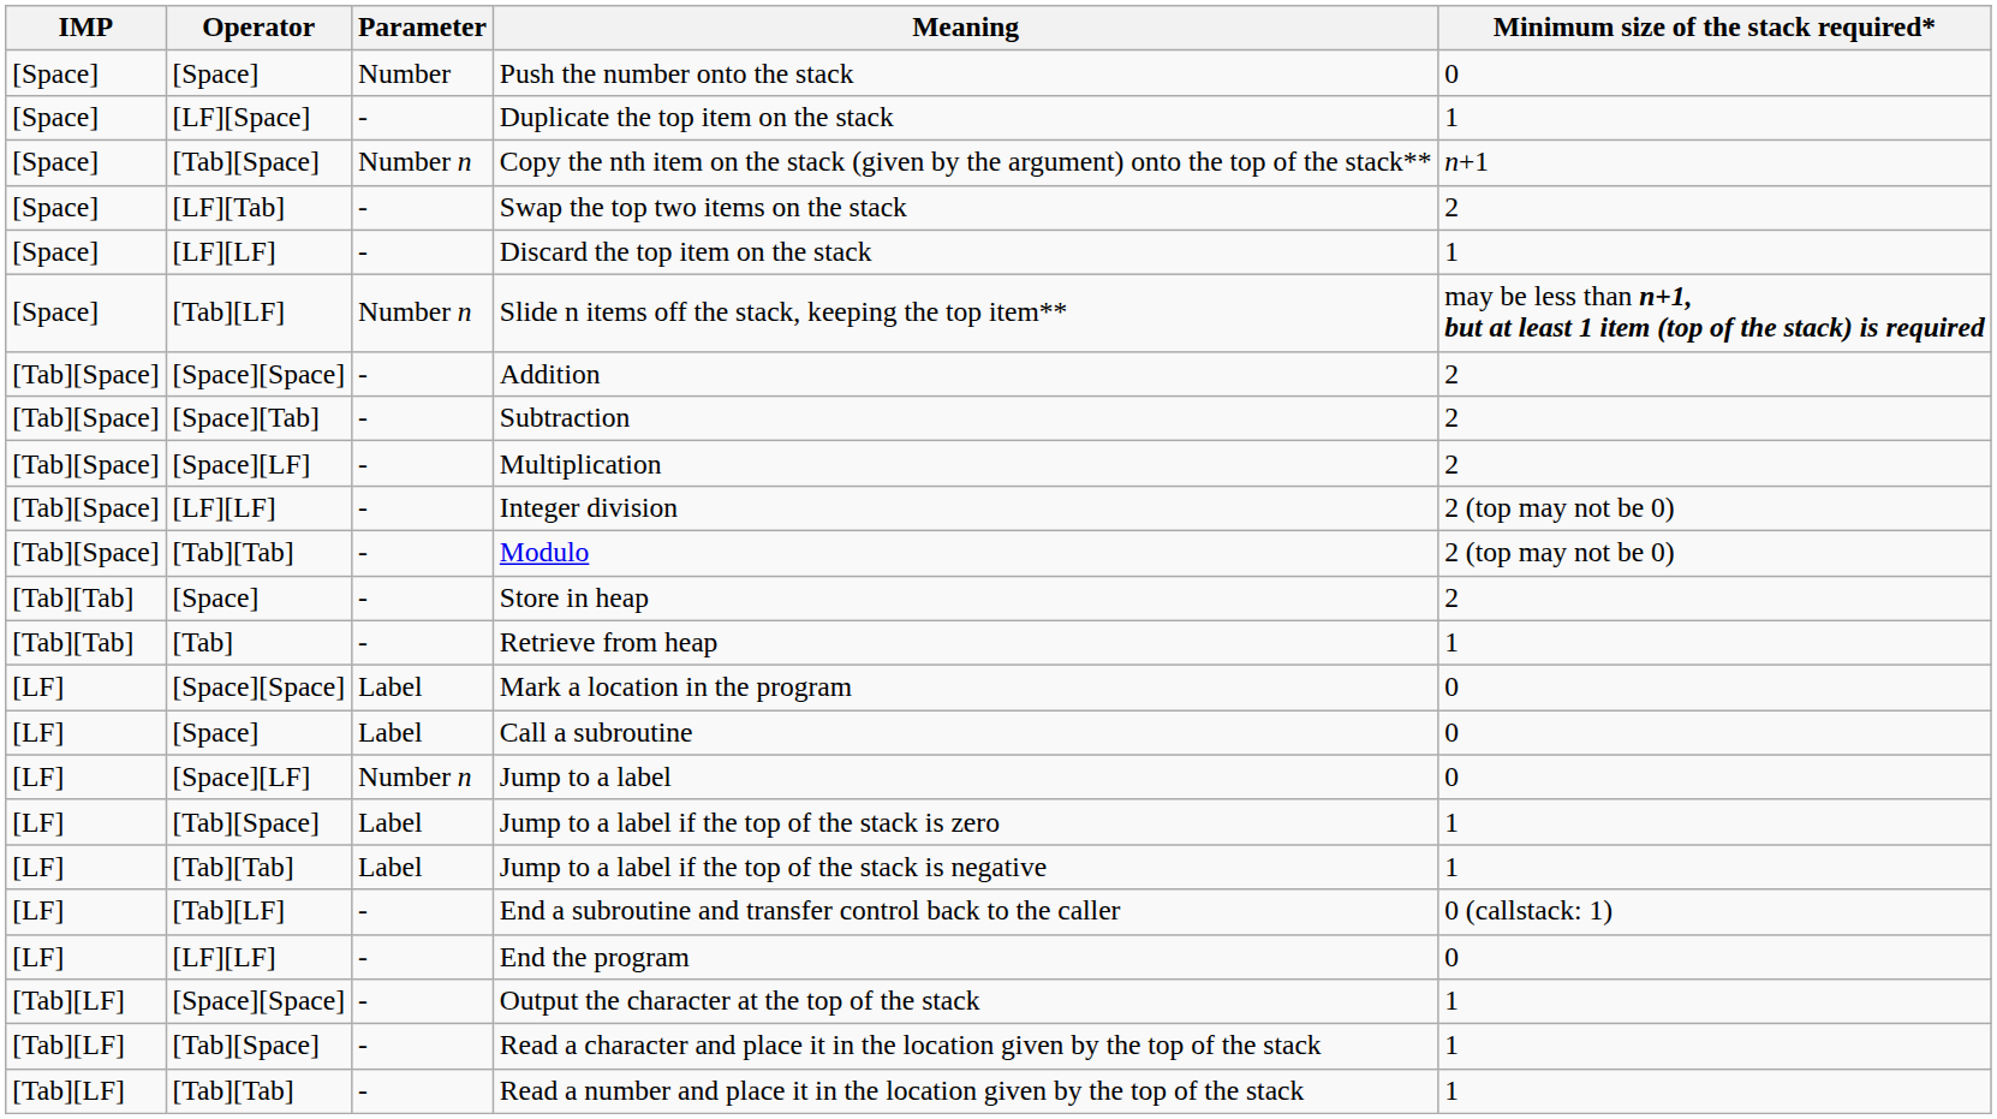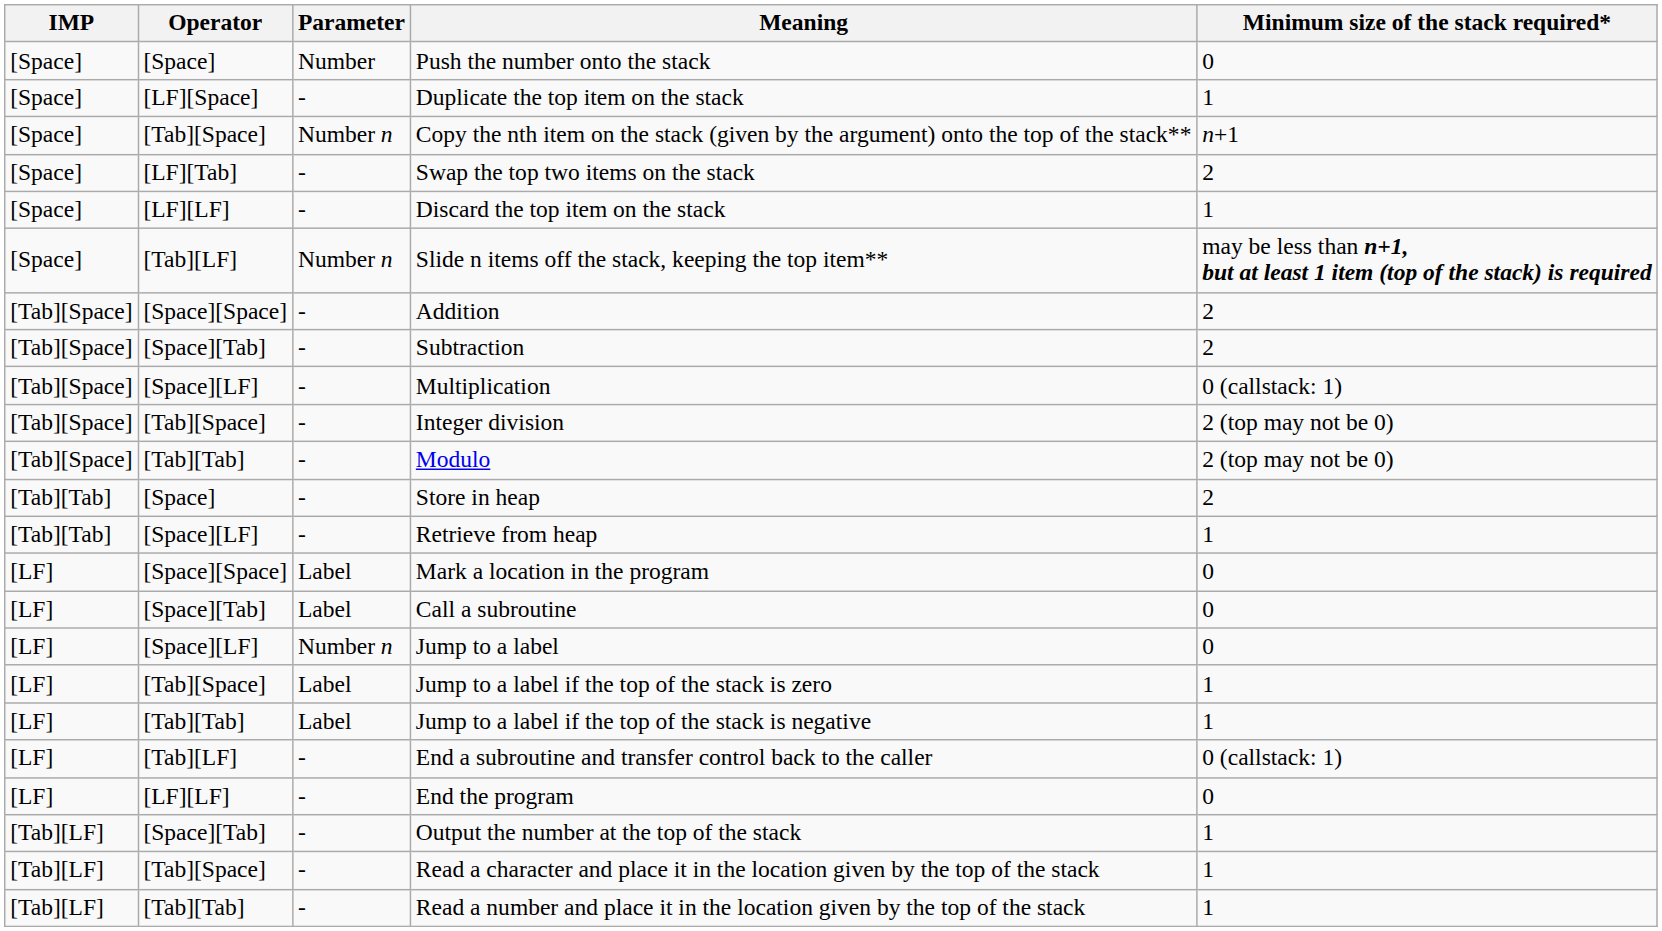 <table class="wikitable">
 <tr>
 <th>IMP</th>
 <th>Operator</th>
 <th>Parameter</th>
 <th>Meaning</th>
 <th>Minimum size of the stack required*</th>
 </tr>
 <tr>
 <td>[Space]</td>
 <td>[Space]</td>
 <td>Number</td>
 <td>Push the number onto the stack</td>
 <td>0</td>
 </tr>
 <tr>
 <td>[Space]</td>
 <td>[LF][Space]</td>
 <td>-</td>
 <td>Duplicate the top item on the stack</td>
 <td>1</td>
 </tr>
 <tr>
 <td>[Space]</td>
 <td>[Tab][Space]</td>
 <td>Number <em>n</em></td>
 <td>Copy the nth item on the stack (given by the argument) onto the top of the stack**</td>
 <td><em>n</em>+1</td>
 </tr>
 <tr>
 <td>[Space]</td>
 <td>[LF][Tab]</td>
 <td>-</td>
 <td>Swap the top two items on the stack</td>
 <td>2</td>
 </tr>
 <tr>
 <td>[Space]</td>
 <td>[LF][LF]</td>
 <td>-</td>
 <td>Discard the top item on the stack</td>
 <td>1</td>
 </tr>
 <tr>
 <td>[Space]</td>
 <td>[Tab][LF]</td>
 <td>Number <em>n</em></td>
 <td>Slide n items off the stack, keeping the top item**</td>
 <td>may be less than <strong><em>n<em>+1<strong>,<br>but at least 1 item (top of the stack) is required</td>
 </tr>
 <tr>
 <td>[Tab][Space]</td>
 <td>[Space][Space]</td>
 <td>-</td>
 <td>Addition</td>
 <td>2</td>
 </tr>
 <tr>
 <td>[Tab][Space]</td>
 <td>[Space][Tab]</td>
 <td>-</td>
 <td>Subtraction</td>
 <td>2</td>
 </tr>
 <tr>
 <td>[Tab][Space]</td>
 <td>[Space][LF]</td>
 <td>-</td>
 <td>Multiplication</td>
-<td>2</td>
+<td>0 </em>(callstack: 1)<em></td>
 </tr>
 <tr>
 <td>[Tab][Space]</td>
-<td>[LF][LF]</td>
+<td>[Tab][Space]</td>
 <td>-</td>
 <td>Integer division</td>
 <td>2 (top may not be 0)</td>
 </tr>
 <tr>
 <td>[Tab][Space]</td>
 <td>[Tab][Tab]</td>
 <td>-</td>
 <td><a href='#'>Modulo</a></td>
 <td>2 (top may not be 0)</td>
 </tr>
 <tr>
 <td>[Tab][Tab]</td>
 <td>[Space]</td>
 <td>-</td>
 <td>Store in heap</td>
 <td>2</td>
 </tr>
 <tr>
 <td>[Tab][Tab]</td>
-<td>[Tab]</td>
+<td>[Space][LF]</td>
 <td>-</td>
 <td>Retrieve from heap</td>
 <td>1</td>
 </tr>
 <tr>
 <td>[LF]</td>
 <td>[Space][Space]</td>
 <td>Label</td>
 <td>Mark a location in the program</td>
 <td>0</td>
 </tr>
 <tr>
 <td>[LF]</td>
-<td>[Space]</td>
+<td>[Space][Tab]</td>
 <td>Label</td>
 <td>Call a subroutine</td>
 <td>0</td>
 </tr>
 <tr>
 <td>[LF]</td>
 <td>[Space][LF]</td>
 <td>Number <em>n</em></td>
 <td>Jump to a label</td>
 <td>0</td>
 </tr>
 <tr>
 <td>[LF]</td>
 <td>[Tab][Space]</td>
 <td>Label</td>
 <td>Jump to a label if the top of the stack is zero</td>
 <td>1</td>
 </tr>
 <tr>
 <td>[LF]</td>
 <td>[Tab][Tab]</td>
 <td>Label</td>
 <td>Jump to a label if the top of the stack is negative</td>
 <td>1</td>
 </tr>
 <tr>
 <td>[LF]</td>
 <td>[Tab][LF]</td>
 <td>-</td>
 <td>End a subroutine and transfer control back to the caller</td>
 <td>0 </em>(callstack: 1)<em></td>
 </tr>
 <tr>
 <td>[LF]</td>
 <td>[LF][LF]</td>
 <td>-</td>
 <td>End the program</td>
 <td>0</td>
 </tr>
 <tr>
 <td>[Tab][LF]</td>
-<td>[Space][Space]</td>
+<td>[Space][Tab]</td>
 <td>-</td>
-<td>Output the character at the top of the stack</td>
+<td>Output the number at the top of the stack</td>
 <td>1</td>
 </tr>
 <tr>
 <td>[Tab][LF]</td>
 <td>[Tab][Space]</td>
 <td>-</td>
 <td>Read a character and place it in the location given by the top of the stack</td>
 <td>1</td>
 </tr>
 <tr>
 <td>[Tab][LF]</td>
 <td>[Tab][Tab]</td>
 <td>-</td>
 <td>Read a number and place it in the location given by the top of the stack</td>
 <td>1</td>
 </tr>
 </table>
